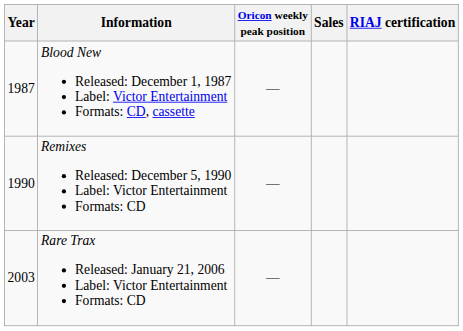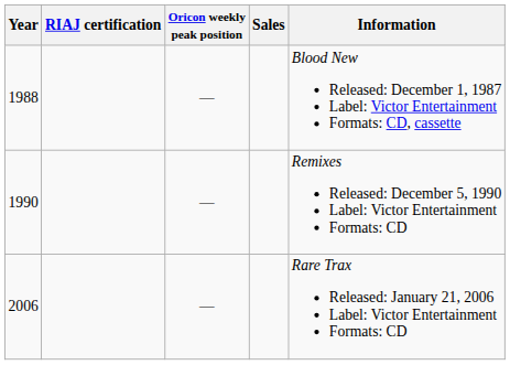 <table class="wikitable">
 <tr>
 <th>Year</th>
-<th>Information</th>
+<th><a href='#'>RIAJ</a> certification</th>
 <th><small><a href='#'>Oricon</a> weekly<br>peak position</small></th>
 <th>Sales<br></th>
-<th><a href='#'>RIAJ</a> certification</th>
+<th>Information</th>
 </tr>
 <tr>
-<td>1987</td>
-<td><em>Blood New</em><br><ul><li>Released: December 1, 1987</li><li>Label: <a href='#'>Victor Entertainment</a></li><li>Formats: <a href='#'>CD</a>, <a href='#'>cassette</a></li></ul></td>
+<td>1988</td>
+<td align="left"></td>
 <td style="text-align:center;">—</td>
 <td align="left"></td>
-<td align="left"></td>
+<td><em>Blood New</em><br><ul><li>Released: December 1, 1987</li><li>Label: <a href='#'>Victor Entertainment</a></li><li>Formats: <a href='#'>CD</a>, <a href='#'>cassette</a></li></ul></td>
 </tr>
 <tr>
 <td>1990</td>
-<td><em>Remixes</em><br><ul><li>Released: December 5, 1990</li><li>Label: Victor Entertainment</li><li>Formats: CD</li></ul></td>
+<td align="left"></td>
 <td style="text-align:center;">—</td>
 <td align="left"></td>
-<td align="left"></td>
+<td><em>Remixes</em><br><ul><li>Released: December 5, 1990</li><li>Label: Victor Entertainment</li><li>Formats: CD</li></ul></td>
 </tr>
 <tr>
-<td>2003</td>
-<td><em>Rare Trax</em><br><ul><li>Released: January 21, 2006</li><li>Label: Victor Entertainment</li><li>Formats: CD</li></ul></td>
+<td>2006</td>
+<td align="left"></td>
 <td style="text-align:center;">—</td>
 <td align="left"></td>
-<td align="left"></td>
+<td><em>Rare Trax</em><br><ul><li>Released: January 21, 2006</li><li>Label: Victor Entertainment</li><li>Formats: CD</li></ul></td>
 </tr>
 </table>
